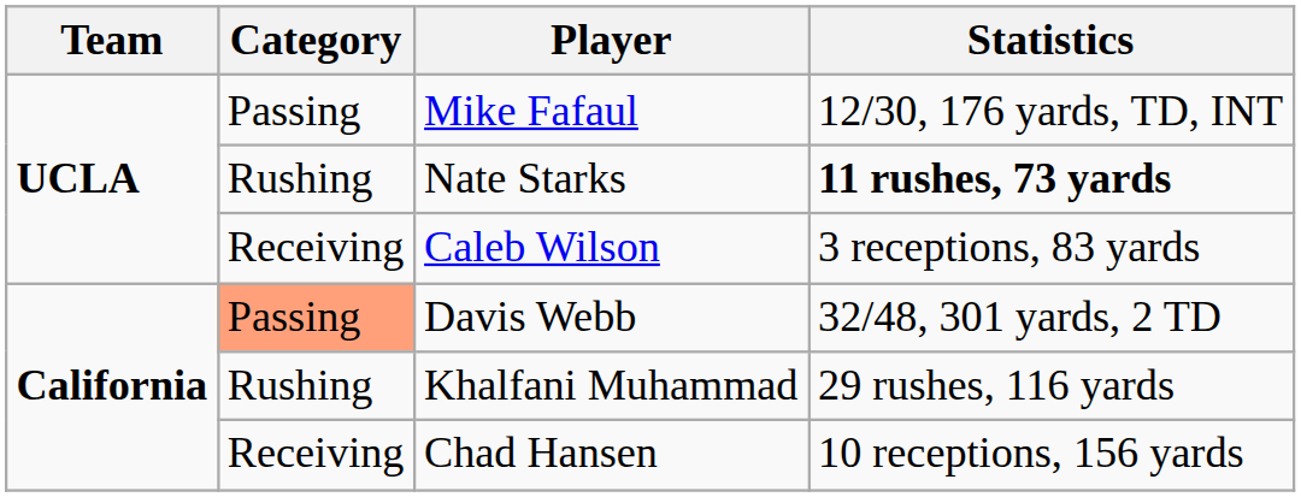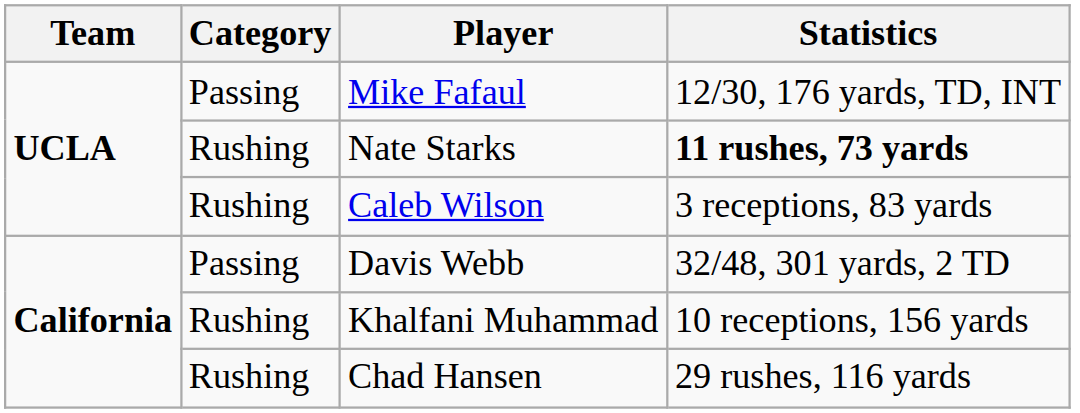 <table class="wikitable" style="float: left;">
 <tr>
 <th>Team</th>
 <th>Category</th>
 <th>Player</th>
 <th>Statistics</th>
 </tr>
 <tr>
 <td rowspan=3><strong>UCLA</strong></td>
 <td>Passing</td>
 <td><a href='#'>Mike Fafaul</a></td>
 <td>12/30, 176 yards, TD, INT</td>
 </tr>
 <tr>
 <td>Rushing</td>
 <td>Nate Starks</td>
 <td><strong>11 rushes, 73 yards</strong></td>
 </tr>
 <tr>
-<td>Receiving</td>
+<td>Rushing</td>
 <td><a href='#'>Caleb Wilson</a></td>
 <td>3 receptions, 83 yards</td>
 </tr>
 <tr>
 <td rowspan=3><strong>California</strong></td>
-<td style="background: lightsalmon;">Passing</td>
+<td>Passing</td>
 <td>Davis Webb</td>
 <td>32/48, 301 yards, 2 TD</td>
 </tr>
 <tr>
 <td>Rushing</td>
 <td>Khalfani Muhammad</td>
+<td>10 receptions, 156 yards</td>
+</tr>
+<tr>
+<td>Rushing</td>
+<td>Chad Hansen</td>
 <td>29 rushes, 116 yards</td>
 </tr>
-<tr>
-<td>Receiving</td>
-<td>Chad Hansen</td>
-<td>10 receptions, 156 yards</td>
-</tr>
 </table>
